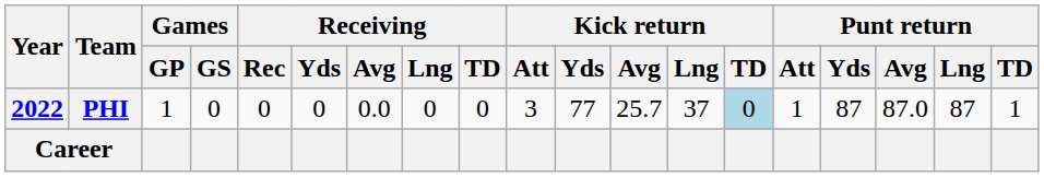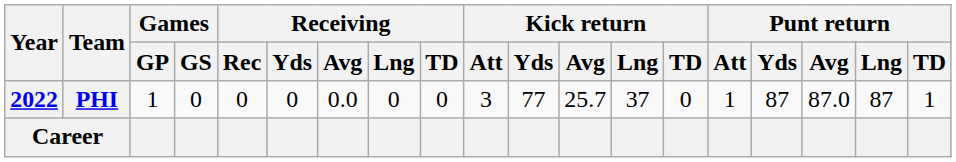 <table class="wikitable" style="text-align:center">
 <tr>
 <th rowspan="2">Year</th>
 <th rowspan="2">Team</th>
 <th colspan="2">Games</th>
 <th colspan="5">Receiving</th>
 <th colspan="5">Kick return</th>
 <th colspan="5">Punt return</th>
 </tr>
 <tr>
 <th>GP</th>
 <th>GS</th>
 <th>Rec</th>
 <th>Yds</th>
 <th>Avg</th>
 <th>Lng</th>
 <th>TD</th>
 <th>Att</th>
 <th>Yds</th>
 <th>Avg</th>
 <th>Lng</th>
 <th>TD</th>
 <th>Att</th>
 <th>Yds</th>
 <th>Avg</th>
 <th>Lng</th>
 <th>TD</th>
 </tr>
 <tr>
 <th><a href='#'>2022</a></th>
 <th><a href='#'>PHI</a></th>
 <td>1</td>
 <td>0</td>
 <td>0</td>
 <td>0</td>
 <td>0.0</td>
 <td>0</td>
 <td>0</td>
 <td>3</td>
 <td>77</td>
 <td>25.7</td>
 <td>37</td>
-<td style="background: lightblue;">0</td>
+<td>0</td>
 <td>1</td>
 <td>87</td>
 <td>87.0</td>
 <td>87</td>
 <td>1</td>
 </tr>
 <tr>
 <th colspan="2">Career</th>
 <th></th>
 <th></th>
 <th></th>
 <th></th>
 <th></th>
 <th></th>
 <th></th>
 <th></th>
 <th></th>
 <th></th>
 <th></th>
 <th></th>
 <th></th>
 <th></th>
 <th></th>
 <th></th>
 <th></th>
 </tr>
 </table>
